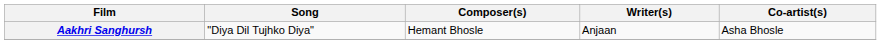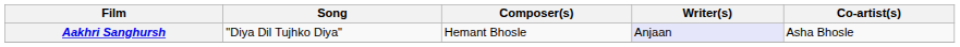 <table class="wikitable plainrowheaders" width="100%" textcolor:#000;">
 <tr style="background:#b0e0e66;">
 <th scope="col" width=23%><strong>Film</strong></th>
 <th scope="col" width=23%><strong>Song</strong></th>
 <th scope="col" width=20%><strong>Composer(s)</strong></th>
 <th scope="col" width=16%><strong>Writer(s)</strong></th>
 <th scope="col" width=18%><strong>Co-artist(s)</strong></th>
 </tr>
 <tr>
 <th><em><a href='#'>Aakhri Sanghursh</a></em></th>
 <td>"Diya Dil Tujhko Diya"</td>
 <td>Hemant Bhosle</td>
-<td>Anjaan</td>
+<td style="background: lavender;">Anjaan</td>
 <td>Asha Bhosle</td>
 </tr>
 <tr>
 </tr>
 </table>
